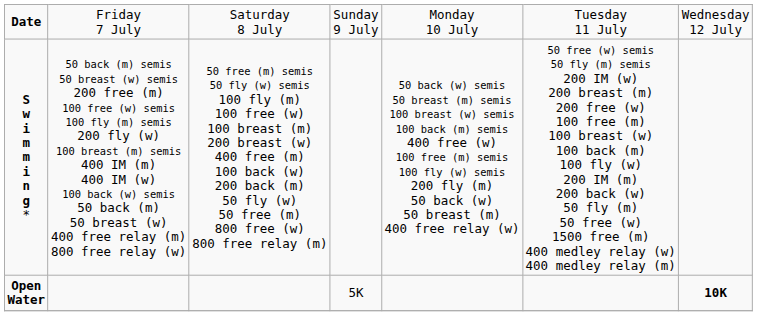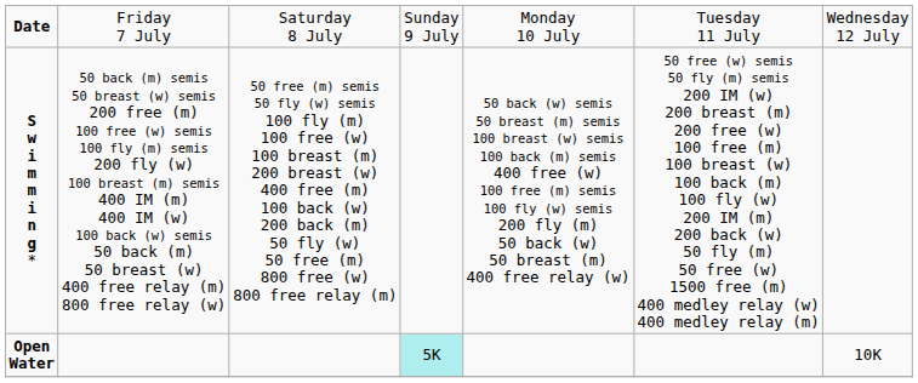 <table class=wikitable style="text-align:center">
 <tr>
 <td><strong>Date</strong></td>
 <td>Friday <br> 7 July</td>
 <td>Saturday <br> 8 July</td>
 <td>Sunday <br> 9 July</td>
 <td>Monday <br> 10 July</td>
 <td>Tuesday <br> 11 July</td>
 <td>Wednesday <br> 12 July</td>
 </tr>
 <tr>
 <td><strong>S<br>w<br>i<br>m <br>m <br>i <br>n <br>g</strong><br>*</td>
 <td><small>50 back (m) semis <br> 50 breast (w) semis</small> <br> 200 free (m) <br> <small>100 free (w) semis <br> 100 fly (m) semis</small> <br> 200 fly (w) <br> <small>100 breast (m) semis</small> <br> 400 IM (m) <br> 400 IM (w) <br> <small>100 back (w) semis</small> <br> 50 back (m) <br> 50 breast (w) <br> 400 free relay (m) <br> 800 free relay (w)</td>
 <td><small>50 free (m) semis <br> 50 fly (w) semis </small> <br> 100 fly (m) <br> 100 free (w) <br> 100 breast (m) <br> 200 breast (w) <br> 400 free (m) <br> 100 back (w) <br> 200 back (m) <br> 50 fly (w) <br> 50 free (m) <br> 800 free (w) <br> 800 free relay (m)</td>
 <td></td>
 <td><small>50 back (w) semis <br> 50 breast (m) semis <br> 100 breast (w) semis <br> 100 back (m) semis</small> <br> 400 free (w) <br> <small>100 free (m) semis <br> 100 fly (w) semis </small><br> 200 fly (m) <br> 50 back (w) <br> 50 breast (m) <br> 400 free relay (w)</td>
 <td><small>50 free (w) semis <br> 50 fly (m) semis</small>  <br> 200 IM (w) <br> 200 breast (m) <br> 200 free (w) <br> 100 free (m) <br> 100 breast (w) <br> 100 back (m) <br> 100 fly (w) <br> 200 IM (m) <br> 200 back (w) <br> 50 fly (m) <br> 50 free (w) <br> 1500 free (m) <br> 400 medley relay (w) <br> 400 medley relay (m)</td>
 <td></td>
 </tr>
 <tr>
 <td><strong>Open<br>Water</strong></td>
 <td></td>
 <td></td>
-<td>5K</td>
+<td style="background: paleturquoise;">5K</td>
 <td></td>
 <td></td>
-<td><strong>10K</strong></td>
+<td>10K</td>
 </tr>
 <tr>
 </tr>
 </table>
